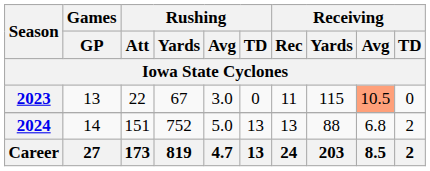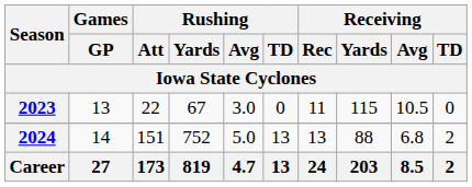 <table class="wikitable" style="text-align:center;">
 <tr>
 <th rowspan="2">Season</th>
 <th>Games</th>
 <th colspan="4">Rushing</th>
 <th colspan="4">Receiving</th>
 </tr>
 <tr>
 <th>GP</th>
 <th>Att</th>
 <th>Yards</th>
 <th>Avg</th>
 <th>TD</th>
 <th>Rec</th>
 <th>Yards</th>
 <th>Avg</th>
 <th>TD</th>
 </tr>
 <tr>
 <th colspan="12">Iowa State Cyclones</th>
 </tr>
 <tr>
 <th><a href='#'>2023</a></th>
 <td>13</td>
 <td>22</td>
 <td>67</td>
 <td>3.0</td>
 <td>0</td>
 <td>11</td>
 <td>115</td>
-<td style="background: lightsalmon;">10.5</td>
+<td>10.5</td>
 <td>0</td>
 </tr>
 <tr>
 </tr>
 <tr>
 <th><a href='#'>2024</a></th>
 <td>14</td>
 <td>151</td>
 <td>752</td>
 <td>5.0</td>
 <td>13</td>
 <td>13</td>
 <td>88</td>
 <td>6.8</td>
 <td>2</td>
 </tr>
 <tr>
 <th>Career</th>
 <th>27</th>
 <th>173</th>
 <th>819</th>
 <th>4.7</th>
 <th>13</th>
 <th>24</th>
 <th>203</th>
 <th>8.5</th>
 <th>2</th>
 </tr>
 </table>
